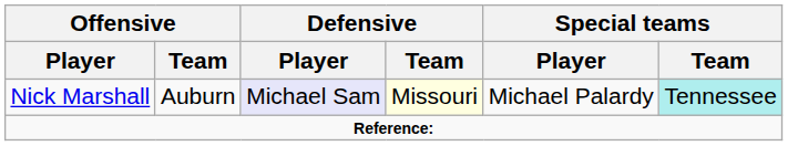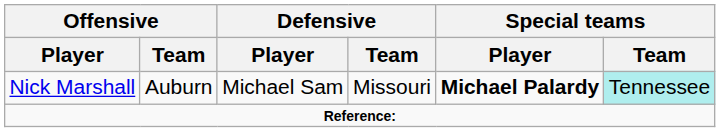 <table class="wikitable" border="1">
 <tr>
 <th colspan="2">Offensive</th>
 <th colspan="2">Defensive</th>
 <th colspan="2">Special teams</th>
 </tr>
 <tr>
 <th>Player</th>
 <th>Team</th>
 <th>Player</th>
 <th>Team</th>
 <th>Player</th>
 <th>Team</th>
 </tr>
 <tr>
 <td><a href='#'>Nick Marshall</a></td>
 <td>Auburn</td>
-<td style="background: lavender;">Michael Sam</td>
-<td style="background: lightyellow;">Missouri</td>
-<td>Michael Palardy</td>
+<td>Michael Sam</td>
+<td>Missouri</td>
+<td><strong>Michael Palardy</strong></td>
 <td style="background: paleturquoise;">Tennessee</td>
 </tr>
 <tr>
 <td colspan="6" style="font-size: 8pt" align="center"><strong>Reference:</strong></td>
 </tr>
 </table>
